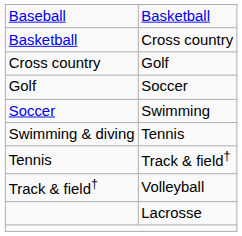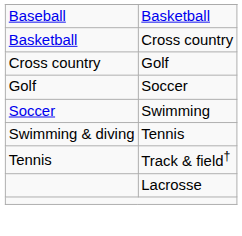 <table class="wikitable" style="float:center; margin:0 0 1em 1em;">
 <tr>
 </tr>
 <tr>
 <td><a href='#'>Baseball</a></td>
 <td><a href='#'>Basketball</a></td>
 </tr>
 <tr>
 <td><a href='#'>Basketball</a></td>
 <td>Cross country</td>
 </tr>
 <tr>
 <td>Cross country</td>
 <td>Golf</td>
 </tr>
 <tr>
 <td>Golf</td>
 <td>Soccer</td>
 </tr>
 <tr>
 <td><a href='#'>Soccer</a></td>
 <td>Swimming</td>
 </tr>
 <tr>
 <td>Swimming & diving</td>
 <td>Tennis</td>
 </tr>
 <tr>
 <td>Tennis</td>
 <td>Track & field<sup>†</sup></td>
 </tr>
 <tr>
-<td>Track & field<sup>†</sup></td>
-<td>Volleyball</td>
-</tr>
-<tr>
 <td></td>
 <td>Lacrosse</td>
 </tr>
 <tr>
 <td colspan="2"></td>
 </tr>
 </table>
